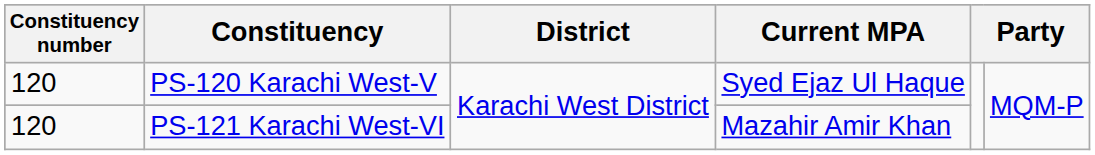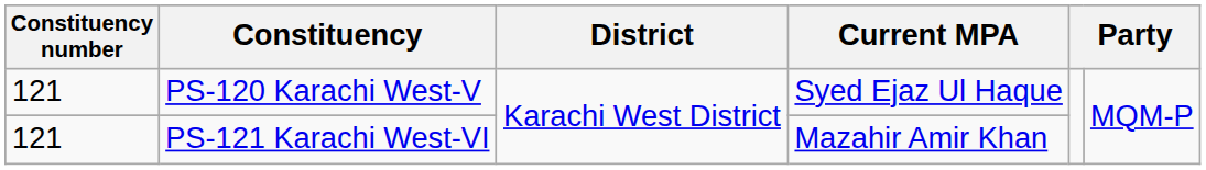 <table class="wikitable">
 <tr>
 <th width="50px" style="font-size:75%">Constituency number</th>
 <th>Constituency</th>
 <th>District</th>
 <th>Current MPA</th>
 <th colspan="2">Party</th>
 </tr>
 <tr>
-<td>120</td>
+<td>121</td>
 <td><a href='#'>PS-120 Karachi West-V</a></td>
 <td rowspan="2"><a href='#'> Karachi West District</a></td>
 <td><a href='#'>Syed Ejaz Ul Haque</a></td>
 <td rowspan="2"></td>
 <td rowspan="2"><a href='#'>MQM-P</a></td>
 </tr>
 <tr>
-<td>120</td>
+<td>121</td>
 <td><a href='#'>PS-121 Karachi West-VI</a></td>
 <td><a href='#'>Mazahir Amir Khan</a></td>
 </tr>
 </table>
